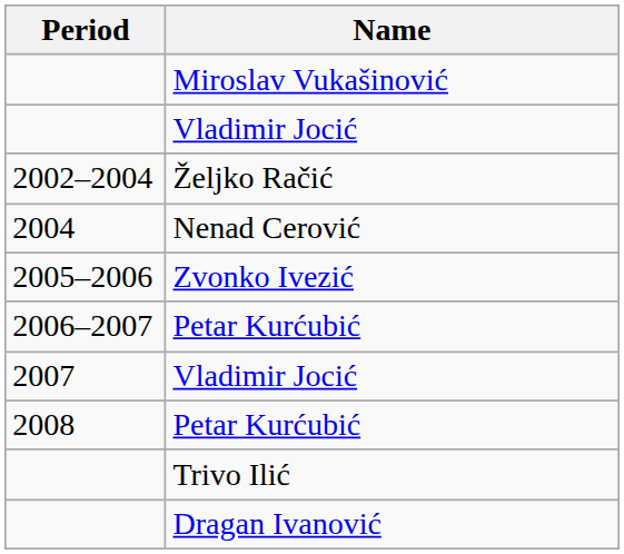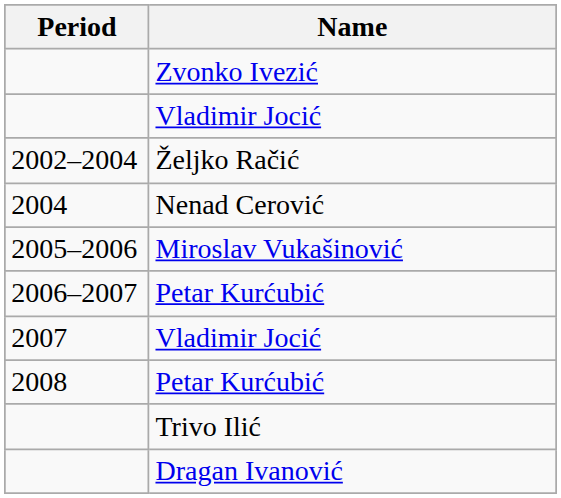 <table class="wikitable">
 <tr>
 <th width="75">Period</th>
 <th width="225">Name</th>
 </tr>
 <tr>
 <td></td>
-<td> <a href='#'>Miroslav Vukašinović</a></td>
+<td> <a href='#'>Zvonko Ivezić</a></td>
 </tr>
 <tr>
 <td></td>
 <td> <a href='#'>Vladimir Jocić</a></td>
 </tr>
 <tr>
 <td>2002–2004</td>
 <td> Željko Račić</td>
 </tr>
 <tr>
 <td>2004</td>
 <td> Nenad Cerović</td>
 </tr>
 <tr>
 <td>2005–2006</td>
-<td> <a href='#'>Zvonko Ivezić</a></td>
+<td> <a href='#'>Miroslav Vukašinović</a></td>
 </tr>
 <tr>
 <td>2006–2007</td>
 <td> <a href='#'>Petar Kurćubić</a></td>
 </tr>
 <tr>
 <td>2007</td>
 <td> <a href='#'>Vladimir Jocić</a></td>
 </tr>
 <tr>
 <td>2008</td>
 <td> <a href='#'>Petar Kurćubić</a></td>
 </tr>
 <tr>
 <td></td>
 <td> Trivo Ilić</td>
 </tr>
 <tr>
 <td></td>
 <td> <a href='#'>Dragan Ivanović</a></td>
 </tr>
 </table>
